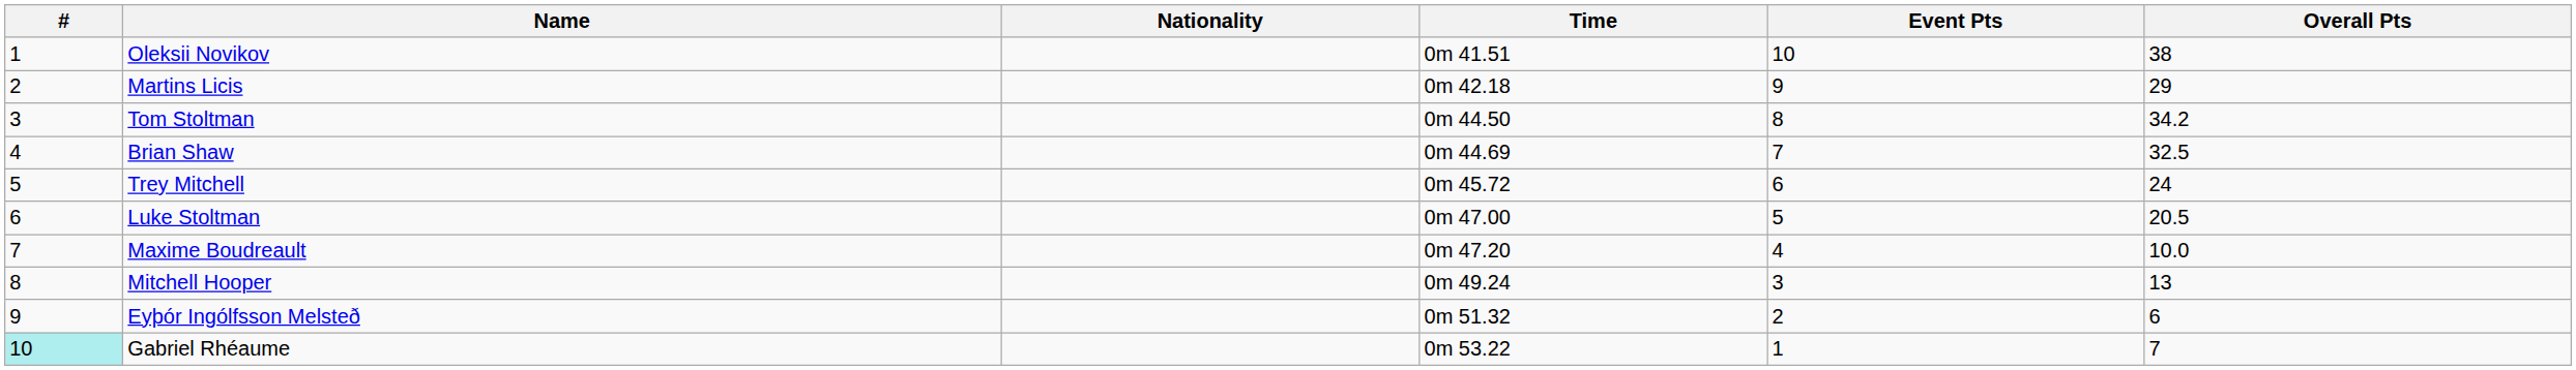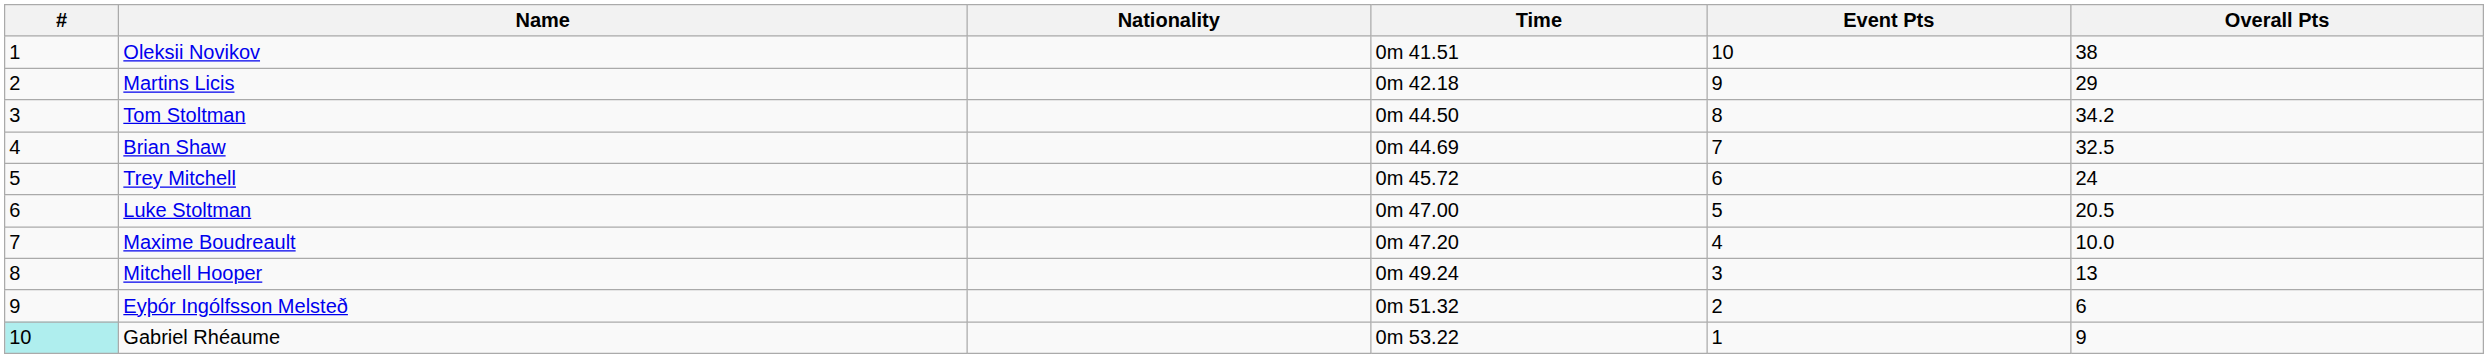 <table class="wikitable sortable" style="display: inline-table;width: 100%;">
 <tr>
 <th>#</th>
 <th>Name</th>
 <th>Nationality</th>
 <th>Time</th>
 <th>Event Pts</th>
 <th>Overall Pts</th>
 </tr>
 <tr>
 <td>1</td>
 <td><a href='#'>Oleksii Novikov</a></td>
 <td></td>
 <td>0m 41.51</td>
 <td>10</td>
 <td>38</td>
 </tr>
 <tr>
 <td>2</td>
 <td><a href='#'>Martins Licis</a></td>
 <td></td>
 <td>0m 42.18</td>
 <td>9</td>
 <td>29</td>
 </tr>
 <tr>
 <td>3</td>
 <td><a href='#'>Tom Stoltman</a></td>
 <td></td>
 <td>0m 44.50</td>
 <td>8</td>
 <td>34.2</td>
 </tr>
 <tr>
 <td>4</td>
 <td><a href='#'>Brian Shaw</a></td>
 <td></td>
 <td>0m 44.69</td>
 <td>7</td>
 <td>32.5</td>
 </tr>
 <tr>
 <td>5</td>
 <td><a href='#'>Trey Mitchell</a></td>
 <td></td>
 <td>0m 45.72</td>
 <td>6</td>
 <td>24</td>
 </tr>
 <tr>
 <td>6</td>
 <td><a href='#'>Luke Stoltman</a></td>
 <td></td>
 <td>0m 47.00</td>
 <td>5</td>
 <td>20.5</td>
 </tr>
 <tr>
 <td>7</td>
 <td><a href='#'>Maxime Boudreault</a></td>
 <td></td>
 <td>0m 47.20</td>
 <td>4</td>
 <td>10.0</td>
 </tr>
 <tr>
 <td>8</td>
 <td><a href='#'>Mitchell Hooper</a></td>
 <td></td>
 <td>0m 49.24</td>
 <td>3</td>
 <td>13</td>
 </tr>
 <tr>
 <td>9</td>
 <td><a href='#'>Eyþór Ingólfsson Melsteð</a></td>
 <td></td>
 <td>0m 51.32</td>
 <td>2</td>
 <td>6</td>
 </tr>
 <tr>
 <td style="background: paleturquoise;">10</td>
 <td>Gabriel Rhéaume</td>
 <td></td>
 <td>0m 53.22</td>
 <td>1</td>
-<td>7</td>
+<td>9</td>
 </tr>
 </table>
